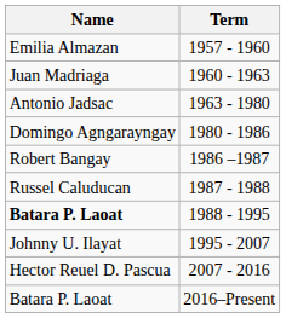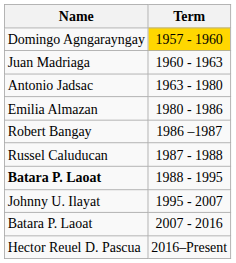 <table class="wikitable" style="line-height:1.20em; font-size:100%;">
 <tr>
 <th>Name</th>
 <th>Term</th>
 </tr>
 <tr>
-<td>Emilia Almazan</td>
-<td style="text-align:center;">1957 - 1960</td>
+<td>Domingo Agngarayngay</td>
+<td style="background: gold; text-align:center;">1957 - 1960</td>
 </tr>
 <tr>
 <td>Juan Madriaga</td>
 <td style="text-align:center;">1960 - 1963</td>
 </tr>
 <tr>
 <td>Antonio Jadsac</td>
 <td style="text-align:center;">1963 - 1980</td>
 </tr>
 <tr>
-<td>Domingo Agngarayngay</td>
+<td>Emilia Almazan</td>
 <td style="text-align:center;">1980 - 1986</td>
 </tr>
 <tr>
 <td>Robert Bangay</td>
 <td style="text-align:center;">1986 –1987</td>
 </tr>
 <tr>
 <td>Russel Caluducan</td>
 <td style="text-align:center;">1987 - 1988</td>
 </tr>
 <tr>
 <td><strong>Batara P. Laoat</strong></td>
 <td style="text-align:center;">1988 - 1995</td>
 </tr>
 <tr>
 <td>Johnny U. Ilayat</td>
 <td style="text-align:center;">1995 - 2007</td>
 </tr>
 <tr>
-<td>Hector Reuel D. Pascua</td>
+<td>Batara P. Laoat</td>
 <td style="text-align:center;">2007 - 2016</td>
 </tr>
 <tr>
-<td>Batara P. Laoat</td>
+<td>Hector Reuel D. Pascua</td>
 <td style="text-align:center;">2016–Present</td>
 </tr>
 </table>
